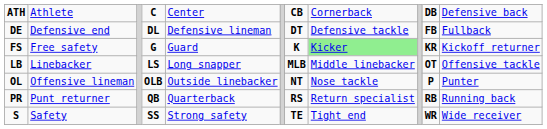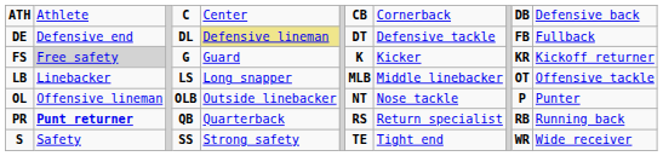 <table class="wikitable" style="font-size:90%; border: none;">
 <tr>
 <td style="text-align:center;"><strong>ATH</strong></td>
 <td style="text-align:left;"><a href='#'>Athlete</a></td>
 <td rowSpan="7" style="background-color:lightgrey;"></td>
 <td style="text-align:center;"><strong>C</strong></td>
 <td style="text-align:left;"><a href='#'>Center</a></td>
 <td rowSpan="7" style="background-color:lightgrey;"></td>
 <td style="text-align:center;"><strong>CB</strong></td>
 <td style="text-align:left;"><a href='#'>Cornerback</a></td>
 <td rowSpan="7" style="background-color:lightgrey;"></td>
 <td style="text-align:center;"><strong>DB</strong></td>
 <td style="text-align:left;"><a href='#'>Defensive back</a></td>
 </tr>
 <tr>
 <td style="text-align:center;"><strong>DE</strong></td>
 <td style="text-align:left;"><a href='#'>Defensive end</a></td>
 <td style="text-align:center;"><strong>DL</strong></td>
-<td style="text-align:left;"><a href='#'>Defensive lineman</a></td>
+<td style="background: khaki; text-align:left;"><a href='#'>Defensive lineman</a></td>
 <td style="text-align:center;"><strong>DT</strong></td>
 <td style="text-align:left;"><a href='#'>Defensive tackle</a></td>
 <td style="text-align:center;"><strong>FB</strong></td>
 <td style="text-align:left;"><a href='#'>Fullback</a></td>
 </tr>
 <tr>
 <td style="text-align:center;"><strong>FS</strong></td>
-<td style="text-align:left;"><a href='#'>Free safety</a></td>
+<td style="background: lightgrey; text-align:left;"><a href='#'>Free safety</a></td>
 <td style="text-align:center;"><strong>G</strong></td>
 <td style="text-align:left;"><a href='#'>Guard</a></td>
 <td style="text-align:center;"><strong>K</strong></td>
-<td style="background: lightgreen; text-align:left;"><a href='#'>Kicker</a></td>
+<td style="text-align:left;"><a href='#'>Kicker</a></td>
 <td style="text-align:center;"><strong>KR</strong></td>
 <td style="text-align:left;"><a href='#'>Kickoff returner</a></td>
 </tr>
 <tr>
 <td style="text-align:center;"><strong>LB</strong></td>
 <td style="text-align:left;"><a href='#'>Linebacker</a></td>
 <td style="text-align:center;"><strong>LS</strong></td>
 <td style="text-align:left;"><a href='#'>Long snapper</a></td>
 <td style="text-align:center;"><strong>MLB</strong></td>
 <td style="text-align:left;"><a href='#'>Middle linebacker</a></td>
 <td style="text-align:center;"><strong>OT</strong></td>
 <td style="text-align:left;"><a href='#'>Offensive tackle</a></td>
 </tr>
 <tr>
 <td style="text-align:center;"><strong>OL</strong></td>
 <td style="text-align:left;"><a href='#'>Offensive lineman</a></td>
 <td style="text-align:center;"><strong>OLB</strong></td>
 <td style="text-align:left;"><a href='#'>Outside linebacker</a></td>
 <td style="text-align:center;"><strong>NT</strong></td>
 <td style="text-align:left;"><a href='#'>Nose tackle</a></td>
 <td style="text-align:center;"><strong>P</strong></td>
 <td style="text-align:left;"><a href='#'>Punter</a></td>
 </tr>
 <tr>
 <td style="text-align:center;"><strong>PR</strong></td>
-<td style="text-align:left;"><a href='#'>Punt returner</a></td>
+<td style="text-align:left;"><strong><a href='#'>Punt returner</a></strong></td>
 <td style="text-align:center;"><strong>QB</strong></td>
 <td style="text-align:left;"><a href='#'>Quarterback</a></td>
 <td style="text-align:center;"><strong>RS</strong></td>
 <td style="text-align:left;"><a href='#'>Return specialist</a></td>
 <td style="text-align:center;"><strong>RB</strong></td>
 <td style="text-align:left;"><a href='#'>Running back</a></td>
 </tr>
 <tr>
 <td style="text-align:center;"><strong>S</strong></td>
 <td style="text-align:left;"><a href='#'>Safety</a></td>
 <td style="text-align:center;"><strong>SS</strong></td>
 <td style="text-align:left;"><a href='#'>Strong safety</a></td>
 <td style="text-align:center;"><strong>TE</strong></td>
 <td style="text-align:left;"><a href='#'>Tight end</a></td>
 <td style="text-align:center;"><strong>WR</strong></td>
 <td style="text-align:left;"><a href='#'>Wide receiver</a></td>
 </tr>
 </table>
